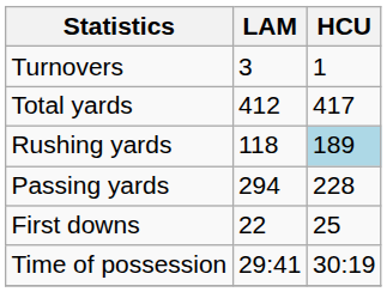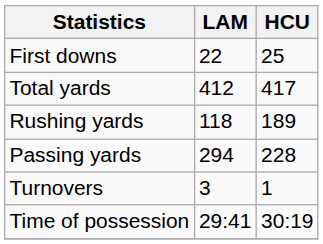 <table class="wikitable" style="float: left;">
 <tr>
 <th>Statistics</th>
 <th>LAM</th>
 <th>HCU</th>
 </tr>
 <tr>
-<td>Turnovers</td>
-<td>3</td>
-<td>1</td>
+<td>First downs</td>
+<td>22</td>
+<td>25</td>
 </tr>
 <tr>
 <td>Total yards</td>
 <td>412</td>
 <td>417</td>
 </tr>
 <tr>
 <td>Rushing yards</td>
 <td>118</td>
-<td style="background: lightblue;">189</td>
+<td>189</td>
 </tr>
 <tr>
 <td>Passing yards</td>
 <td>294</td>
 <td>228</td>
 </tr>
 <tr>
-<td>First downs</td>
-<td>22</td>
-<td>25</td>
+<td>Turnovers</td>
+<td>3</td>
+<td>1</td>
 </tr>
 <tr>
 <td>Time of possession</td>
 <td>29:41</td>
 <td>30:19</td>
 </tr>
 <tr>
 </tr>
 </table>
